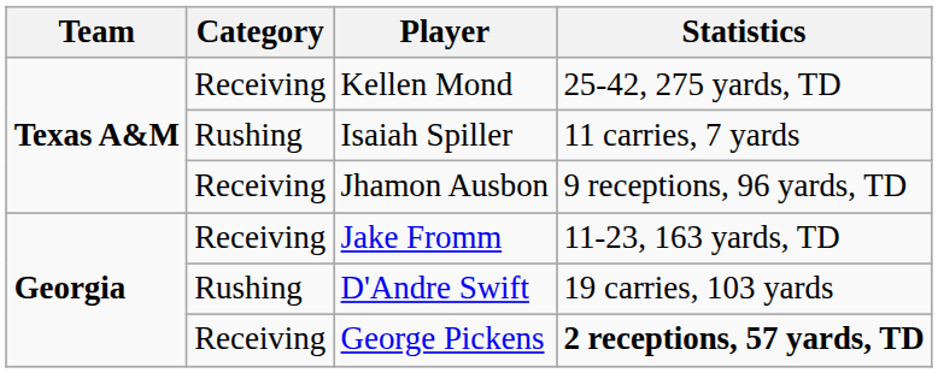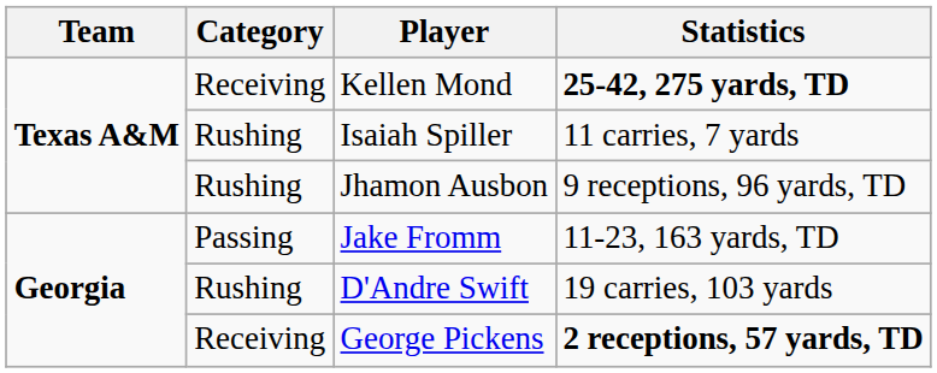 <table class="wikitable" style="float: right;">
 <tr>
 <th>Team</th>
 <th>Category</th>
 <th>Player</th>
 <th>Statistics</th>
 </tr>
 <tr>
 <td rowspan=3><strong>Texas A&M</strong></td>
 <td>Receiving</td>
 <td>Kellen Mond</td>
-<td>25-42, 275 yards, TD</td>
+<td><strong>25-42, 275 yards, TD</strong></td>
 </tr>
 <tr>
 <td>Rushing</td>
 <td>Isaiah Spiller</td>
 <td>11 carries, 7 yards</td>
 </tr>
 <tr>
-<td>Receiving</td>
+<td>Rushing</td>
 <td>Jhamon Ausbon</td>
 <td>9 receptions, 96 yards, TD</td>
 </tr>
 <tr>
 <td rowspan=3><strong>Georgia</strong></td>
-<td>Receiving</td>
+<td>Passing</td>
 <td><a href='#'>Jake Fromm</a></td>
 <td>11-23, 163 yards, TD</td>
 </tr>
 <tr>
 <td>Rushing</td>
 <td><a href='#'>D'Andre Swift</a></td>
 <td>19 carries, 103 yards</td>
 </tr>
 <tr>
 <td>Receiving</td>
 <td><a href='#'>George Pickens</a></td>
 <td><strong>2 receptions, 57 yards, TD</strong></td>
 </tr>
 </table>
